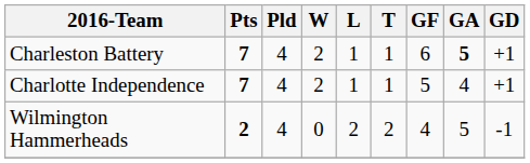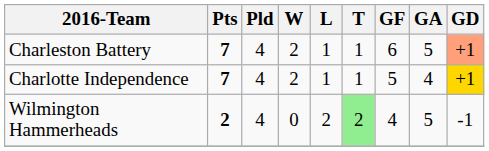 <table class="wikitable" style="text-align: center;">
 <tr>
 <th width="165">2016-Team</th>
 <th width="20">Pts</th>
 <th width="20">Pld</th>
 <th width="20">W</th>
 <th width="20">L</th>
 <th width="20">T</th>
 <th width="20">GF</th>
 <th width="20">GA</th>
 <th width="20">GD</th>
 </tr>
 <tr>
 <td style="text-align:left;">Charleston Battery</td>
 <td><strong>7</strong></td>
 <td>4</td>
 <td>2</td>
 <td>1</td>
 <td>1</td>
 <td>6</td>
-<td><strong>5</strong></td>
-<td>+1</td>
+<td>5</td>
+<td style="background: lightsalmon;">+1</td>
 </tr>
 <tr>
 <td style="text-align:left;">Charlotte Independence</td>
 <td><strong>7</strong></td>
 <td>4</td>
 <td>2</td>
 <td>1</td>
 <td>1</td>
 <td>5</td>
 <td>4</td>
-<td>+1</td>
+<td style="background: gold;">+1</td>
 </tr>
 <tr>
 <td style="text-align:left;">Wilmington Hammerheads</td>
 <td><strong>2</strong></td>
 <td>4</td>
 <td>0</td>
 <td>2</td>
-<td>2</td>
+<td style="background: lightgreen;">2</td>
 <td>4</td>
 <td>5</td>
 <td>-1</td>
 </tr>
 <tr>
 </tr>
 </table>
